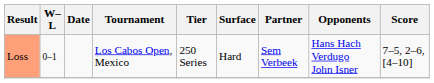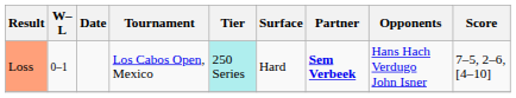 <table class="sortable wikitable">
 <tr>
 <th>Result</th>
 <th class="unsortable">W–L</th>
 <th>Date</th>
 <th>Tournament</th>
 <th>Tier</th>
 <th>Surface</th>
 <th>Partner</th>
 <th>Opponents</th>
 <th class="unsortable">Score</th>
 </tr>
 <tr>
 <td bgcolor=FFA07A>Loss</td>
 <td><small>0–1</small></td>
 <td><a href='#'></a></td>
 <td><a href='#'>Los Cabos Open</a>, Mexico</td>
-<td>250 Series</td>
+<td style="background: paleturquoise;">250 Series</td>
 <td>Hard</td>
-<td> <a href='#'>Sem Verbeek</a></td>
+<td><strong> <a href='#'>Sem Verbeek</a></strong></td>
 <td> <a href='#'>Hans Hach Verdugo</a><br>  <a href='#'>John Isner</a></td>
 <td>7–5, 2–6, [4–10]</td>
 </tr>
 <tr>
 </tr>
 </table>
